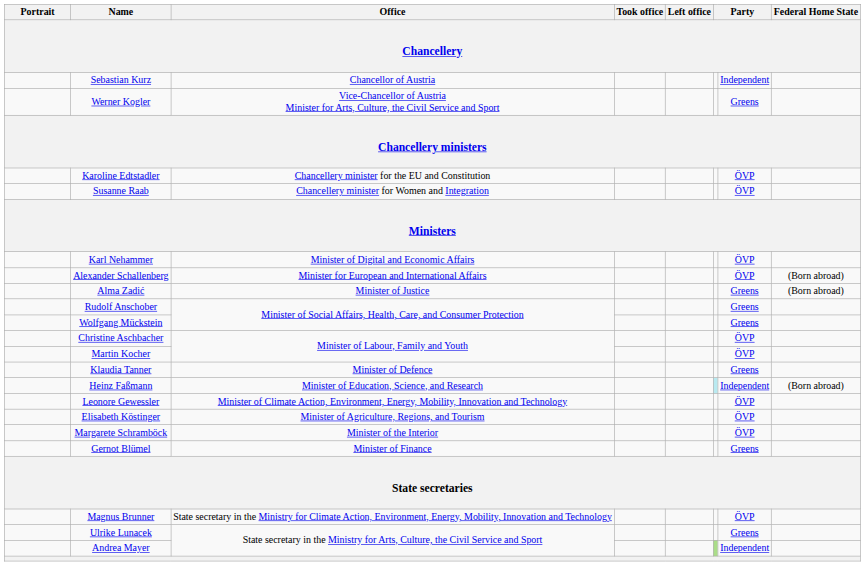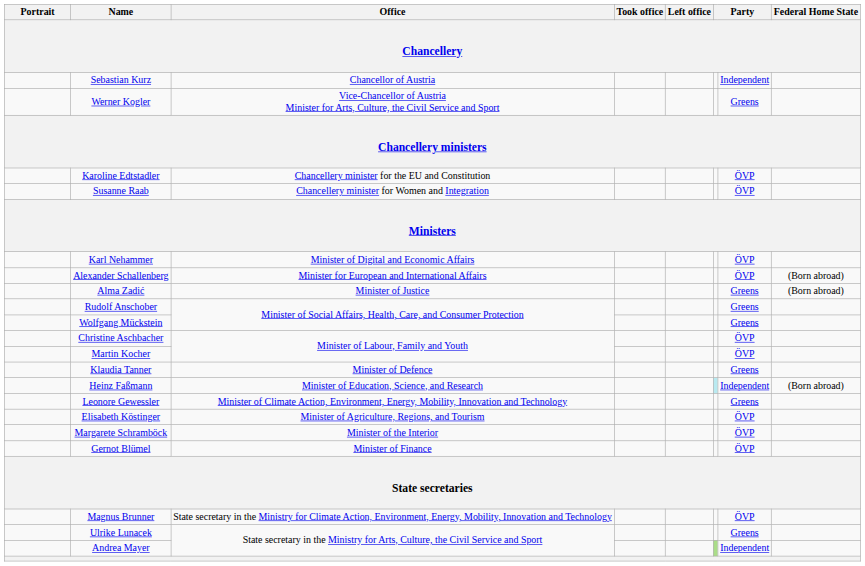 <table class="wikitable sortable" style="border:#555; text-align:center; ">
 <tr>
 <th class="unsortable" style="width:100px;">Portrait</th>
 <th>Name</th>
 <th>Office</th>
 <th>Took office</th>
 <th>Left office</th>
 <th colspan="2" class="unsortable" style="width:5px;">Party</th>
 <th>Federal Home State</th>
 </tr>
 <tr>
 <th colspan="9"><br><h3><a href='#'>Chancellery</a></h3></th>
 </tr>
 <tr>
 <td></td>
 <td><a href='#'>Sebastian Kurz</a></td>
 <td><a href='#'>Chancellor of Austria</a></td>
 <td></td>
 <td></td>
 <td style="background-color: "></td>
 <td><a href='#'>Independent</a><br></td>
 <td></td>
 </tr>
 <tr>
 <td></td>
 <td><a href='#'>Werner Kogler</a></td>
 <td><a href='#'>Vice-Chancellor of Austria</a><br><a href='#'>Minister for Arts, Culture, the Civil Service and Sport</a></td>
 <td></td>
 <td></td>
 <td style="background-color: "></td>
 <td><a href='#'>Greens</a></td>
 <td></td>
 </tr>
 <tr>
 <th colspan="9"><br><h3><a href='#'>Chancellery ministers</a></h3></th>
 </tr>
 <tr>
 <td></td>
 <td><a href='#'>Karoline Edtstadler</a></td>
 <td><a href='#'>Chancellery minister</a> for the EU and Constitution</td>
 <td></td>
 <td></td>
 <td style="background-color: "></td>
 <td><a href='#'>ÖVP</a></td>
 <td></td>
 </tr>
 <tr>
 <td></td>
 <td><a href='#'>Susanne Raab</a></td>
 <td><a href='#'>Chancellery minister</a> for Women and <a href='#'>Integration</a></td>
 <td></td>
 <td></td>
 <td style="background-color: "></td>
 <td><a href='#'>ÖVP</a></td>
 <td></td>
 </tr>
 <tr>
 <th colspan="9"><br><h3><a href='#'>Ministers</a></h3></th>
 </tr>
 <tr>
 <td></td>
 <td><a href='#'>Karl Nehammer</a></td>
 <td><a href='#'>Minister of Digital and Economic Affairs</a></td>
 <td></td>
 <td></td>
 <td style="background-color: "></td>
 <td><a href='#'>ÖVP</a></td>
 <td></td>
 </tr>
 <tr>
 <td></td>
 <td><a href='#'>Alexander Schallenberg</a></td>
 <td><a href='#'>Minister for European and International Affairs</a></td>
 <td></td>
 <td></td>
 <td style="background-color: "></td>
 <td><a href='#'>ÖVP</a></td>
 <td>(Born abroad)</td>
 </tr>
 <tr>
 <td></td>
 <td><a href='#'>Alma Zadić</a></td>
 <td><a href='#'>Minister of Justice</a></td>
 <td></td>
 <td></td>
 <td style="background-color: "></td>
 <td><a href='#'>Greens</a></td>
 <td>(Born abroad)</td>
 </tr>
 <tr>
 <td></td>
 <td><a href='#'>Rudolf Anschober</a></td>
 <td rowspan="2"><a href='#'>Minister of Social Affairs, Health, Care, and Consumer Protection</a></td>
 <td></td>
 <td></td>
 <td style="background-color: "></td>
 <td><a href='#'>Greens</a></td>
 <td></td>
 </tr>
 <tr>
 <td></td>
 <td><a href='#'>Wolfgang Mückstein</a></td>
 <td></td>
 <td></td>
 <td style="background-color: "></td>
 <td><a href='#'>Greens</a></td>
 <td></td>
 </tr>
 <tr>
 <td></td>
 <td><a href='#'>Christine Aschbacher</a></td>
 <td rowspan="2"><a href='#'>Minister of Labour, Family and Youth</a></td>
 <td></td>
 <td></td>
 <td style="background-color: "></td>
 <td><a href='#'>ÖVP</a></td>
 <td></td>
 </tr>
 <tr>
 <td></td>
 <td><a href='#'>Martin Kocher</a></td>
 <td></td>
 <td></td>
 <td style="background-color: "></td>
 <td><a href='#'>ÖVP</a></td>
 <td></td>
 </tr>
 <tr>
 <td></td>
 <td><a href='#'>Klaudia Tanner</a></td>
 <td><a href='#'>Minister of Defence</a></td>
 <td></td>
 <td></td>
 <td style="background-color: "></td>
 <td><a href='#'>Greens</a></td>
 <td></td>
 </tr>
 <tr>
 <td></td>
 <td><a href='#'>Heinz Faßmann</a></td>
 <td><a href='#'>Minister of Education, Science, and Research</a></td>
 <td></td>
 <td></td>
 <td style="background-color: #b9eaf1"></td>
 <td><a href='#'>Independent</a><br></td>
 <td>(Born abroad)</td>
 </tr>
 <tr>
 <td></td>
 <td><a href='#'>Leonore Gewessler</a></td>
 <td><a href='#'>Minister of Climate Action, Environment, Energy, Mobility, Innovation and Technology</a></td>
 <td></td>
 <td></td>
 <td style="background-color: "></td>
-<td><a href='#'>ÖVP</a></td>
+<td><a href='#'>Greens</a></td>
 <td></td>
 </tr>
 <tr>
 <td></td>
 <td><a href='#'>Elisabeth Köstinger</a></td>
 <td><a href='#'>Minister of Agriculture, Regions, and Tourism</a></td>
 <td></td>
 <td></td>
 <td style="background-color: "></td>
 <td><a href='#'>ÖVP</a></td>
 <td></td>
 </tr>
 <tr>
 <td></td>
 <td><a href='#'>Margarete Schramböck</a></td>
 <td><a href='#'>Minister of the Interior</a></td>
 <td></td>
 <td></td>
 <td style="background-color: "></td>
 <td><a href='#'>ÖVP</a></td>
 <td></td>
 </tr>
 <tr>
 <td></td>
 <td><a href='#'>Gernot Blümel</a></td>
 <td><a href='#'>Minister of Finance</a></td>
 <td></td>
 <td></td>
 <td style="background-color: "></td>
-<td><a href='#'>Greens</a></td>
+<td><a href='#'>ÖVP</a></td>
 <td></td>
 </tr>
 <tr>
 <th colspan="9"><br><h3>State secretaries</h3></th>
 </tr>
 <tr>
 <td></td>
 <td><a href='#'>Magnus Brunner</a></td>
 <td>State secretary in the <a href='#'>Ministry for Climate Action, Environment, Energy, Mobility, Innovation and Technology</a></td>
 <td></td>
 <td></td>
 <td style="background-color: "></td>
 <td><a href='#'>ÖVP</a></td>
 <td></td>
 </tr>
 <tr>
 <td></td>
 <td><a href='#'>Ulrike Lunacek</a></td>
 <td rowspan="2">State secretary in the <a href='#'>Ministry for Arts, Culture, the Civil Service and Sport</a></td>
 <td></td>
 <td></td>
 <td style="background-color: "></td>
 <td><a href='#'>Greens</a></td>
 <td></td>
 </tr>
 <tr>
 <td></td>
 <td><a href='#'>Andrea Mayer</a></td>
 <td></td>
 <td></td>
 <td style="background-color: #aadd88"></td>
 <td><a href='#'>Independent</a><br></td>
 <td></td>
 </tr>
 <tr>
 <th colspan="9"></th>
 </tr>
 </table>
